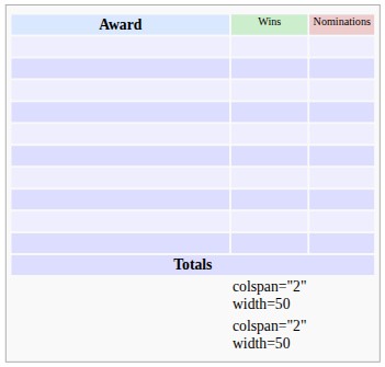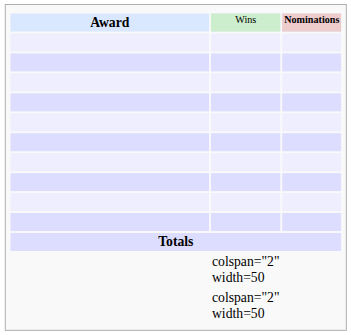 <table class="infobox" style="width: 25em; text-align: left; font-size: 90%; vertical-align: middle;">
 <tr>
 <td colspan="3" style="text-align:center;"></td>
 </tr>
 <tr bgcolor=#D9E8FF style="text-align:center;">
 <th style="vertical-align: middle;">Award</th>
 <td style="background:#cceecc; font-size:8pt;" width="60px">Wins</td>
-<td style="background:#eecccc; font-size:8pt;" width="60px">Nominations</td>
+<td style="background:#eecccc; font-size:8pt;" width="60px"><strong>Nominations</strong></td>
 </tr>
 <tr bgcolor=#eeeeff>
 <td align="center"><br></td>
 <td></td>
 <td></td>
 </tr>
 <tr bgcolor=#ddddff>
 <td align="center"><br></td>
 <td></td>
 <td></td>
 </tr>
 <tr bgcolor=#eeeeff>
 <td align="center"><br></td>
 <td></td>
 <td></td>
 </tr>
 <tr bgcolor=#ddddff>
 <td align="center"><br></td>
 <td></td>
 <td></td>
 </tr>
 <tr bgcolor=#eeeeff>
 <td align="center"><br></td>
 <td></td>
 <td></td>
 </tr>
 <tr bgcolor=#ddddff>
 <td align="center"><br></td>
 <td></td>
 <td></td>
 </tr>
 <tr bgcolor=#eeeeff>
 <td align="center"><br></td>
 <td></td>
 <td></td>
 </tr>
 <tr bgcolor=#ddddff>
 <td align="center"><br></td>
 <td></td>
 <td></td>
 </tr>
 <tr bgcolor=#eeeeff>
 <td align="center"><br></td>
 <td></td>
 <td></td>
 </tr>
 <tr bgcolor=#ddddff>
 <td align="center"><br></td>
 <td></td>
 <td></td>
 </tr>
 <tr bgcolor=#ddddff>
 <td colspan="3" style="text-align:center;"><strong>Totals</strong></td>
 </tr>
 <tr>
 <td></td>
 <td>colspan="2" width=50 </td>
 </tr>
 <tr>
 <td></td>
 <td>colspan="2" width=50 </td>
 </tr>
 <tr>
 </tr>
 </table>
